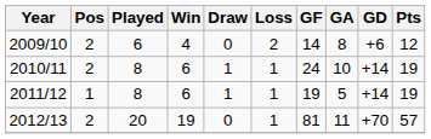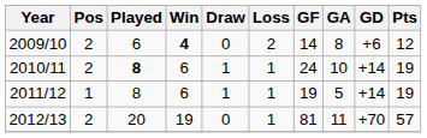 <table class="wikitable" style="text-align: center;">
 <tr>
 <th>Year</th>
 <th align="center">Pos</th>
 <th align="center">Played</th>
 <th align="center">Win</th>
 <th align="center">Draw</th>
 <th align="center">Loss</th>
 <th align="center">GF</th>
 <th align="center">GA</th>
 <th align="center">GD</th>
 <th align="center">Pts</th>
 </tr>
 <tr align="center">
 <td>2009/10</td>
 <td>2</td>
 <td>6</td>
-<td>4</td>
+<td><strong>4</strong></td>
 <td>0</td>
 <td>2</td>
 <td>14</td>
 <td>8</td>
 <td>+6</td>
 <td>12</td>
 </tr>
 <tr>
 <td>2010/11</td>
 <td>2</td>
-<td>8</td>
+<td><strong>8</strong></td>
 <td>6</td>
 <td>1</td>
 <td>1</td>
 <td>24</td>
 <td>10</td>
 <td>+14</td>
 <td>19</td>
 </tr>
 <tr>
 <td>2011/12</td>
 <td>1</td>
 <td>8</td>
 <td>6</td>
 <td>1</td>
 <td>1</td>
 <td>19</td>
 <td>5</td>
 <td>+14</td>
 <td>19</td>
 </tr>
 <tr>
 <td>2012/13</td>
 <td>2</td>
 <td>20</td>
 <td>19</td>
 <td>0</td>
 <td>1</td>
 <td>81</td>
 <td>11</td>
 <td>+70</td>
 <td>57</td>
 </tr>
 <tr>
 </tr>
 </table>
